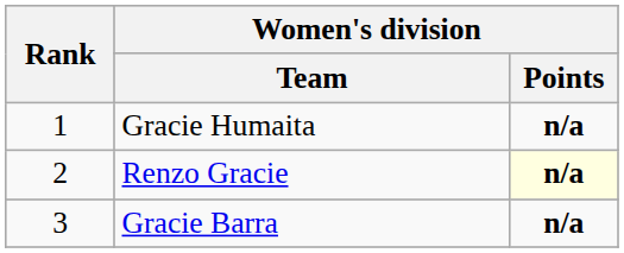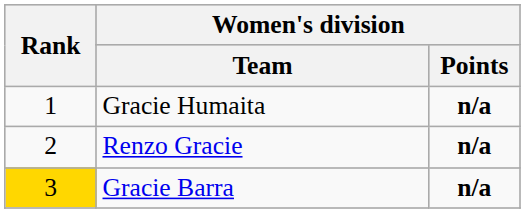 <table class="wikitable" style="text-align:center;">
 <tr>
 <th rowspan="2" width="50">Rank</th>
 <th colspan="2">Women's division</th>
 </tr>
 <tr>
 <th width="200">Team</th>
 <th width="50">Points</th>
 </tr>
 <tr>
 <td>1</td>
 <td style=text-align:left>Gracie Humaita</td>
 <td><strong>n/a</strong></td>
 </tr>
 <tr>
 <td>2</td>
 <td style=text-align:left><a href='#'>Renzo Gracie</a></td>
-<td style="background: lightyellow;"><strong>n/a</strong></td>
+<td><strong>n/a</strong></td>
 </tr>
 <tr>
-<td>3</td>
+<td style="background: gold;">3</td>
 <td style=text-align:left><a href='#'>Gracie Barra</a></td>
 <td><strong>n/a</strong></td>
 </tr>
 </table>
